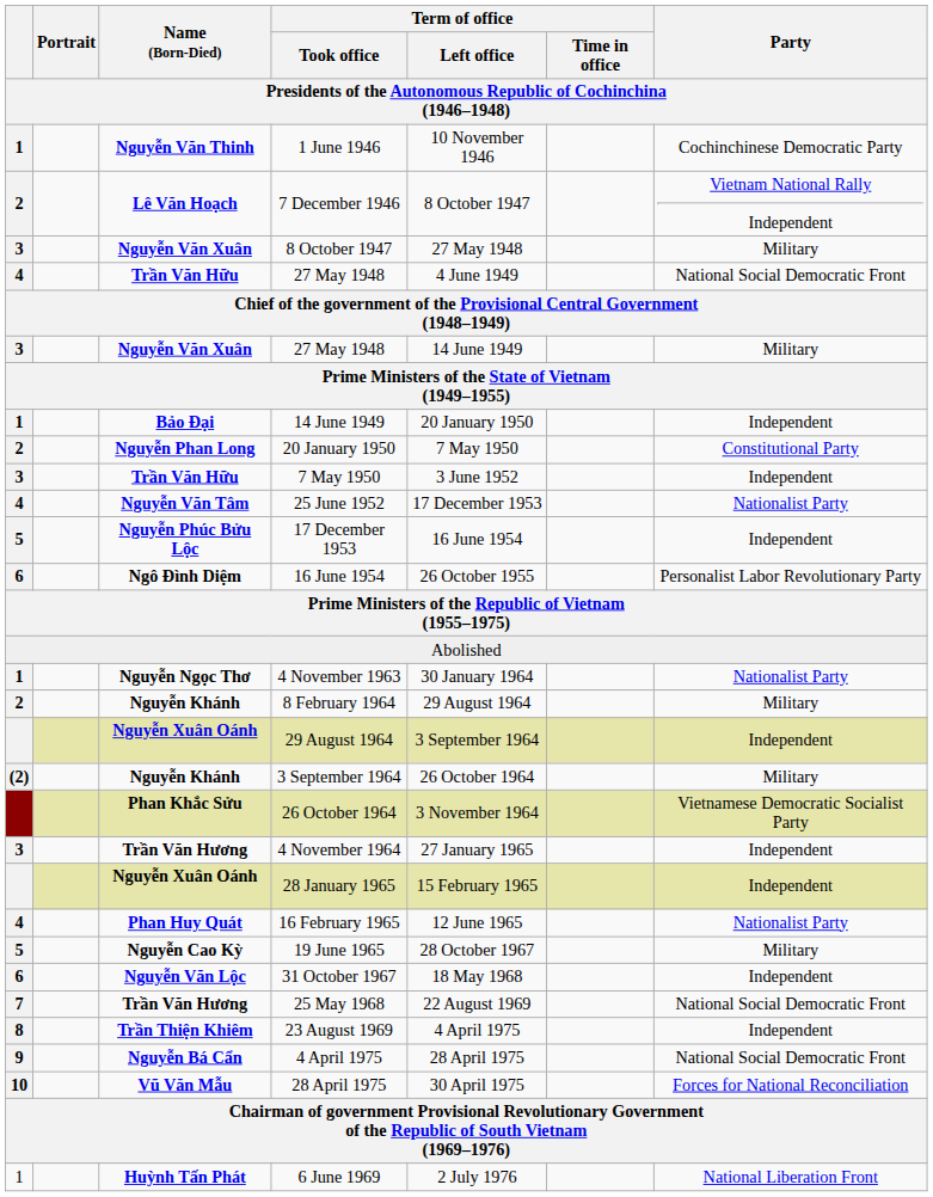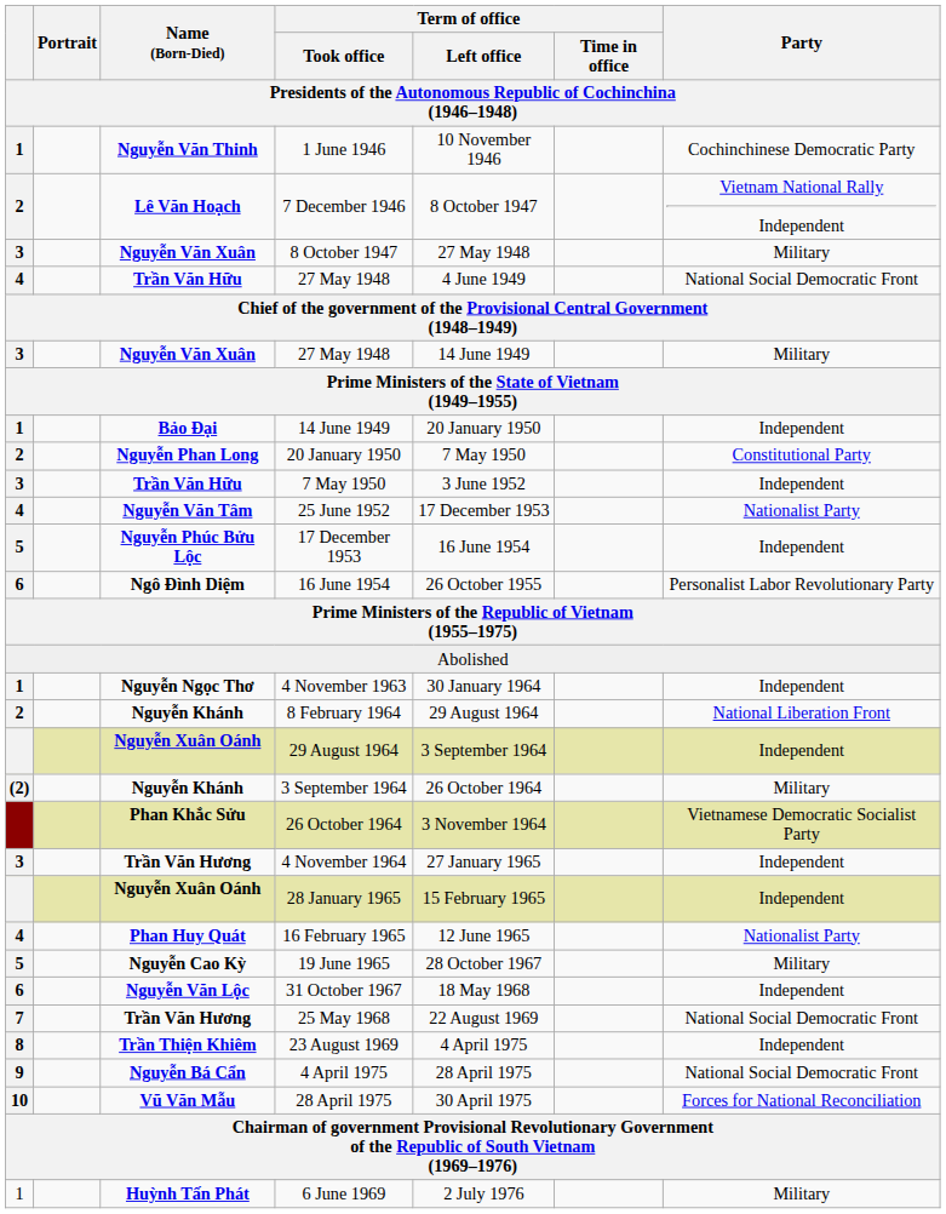 <table class="wikitable" style="text-align:center;">
 <tr>
 <th rowspan="2"></th>
 <th rowspan="2">Portrait</th>
 <th rowspan="2">Name<br><small>(Born-Died)</small></th>
 <th colspan="3">Term of office</th>
 <th rowspan="2">Party</th>
 </tr>
 <tr>
 <th>Took office</th>
 <th>Left office</th>
 <th>Time in office</th>
 </tr>
 <tr style="text-align:center;">
 <th colspan="7">Presidents of the <a href='#'>Autonomous Republic of Cochinchina</a><br>(1946–1948)</th>
 </tr>
 <tr style="text-align:center;">
 <th style="background: ">1</th>
 <td></td>
 <td><strong><a href='#'>Nguyễn Văn Thinh</a></strong><br></td>
 <td>1 June 1946</td>
 <td>10 November 1946</td>
 <td></td>
 <td>Cochinchinese Democratic Party</td>
 </tr>
 <tr style="text-align:center;">
 <th style="background: ">2</th>
 <td></td>
 <td><strong><a href='#'>Lê Văn Hoạch</a></strong><br></td>
 <td>7 December 1946</td>
 <td>8 October 1947</td>
 <td></td>
 <td><a href='#'>Vietnam National Rally</a><hr>Independent</td>
 </tr>
 <tr style="text-align:center;">
 <th style="background: ">3</th>
 <td></td>
 <td><strong><a href='#'>Nguyễn Văn Xuân</a></strong><br></td>
 <td>8 October 1947</td>
 <td>27 May 1948</td>
 <td></td>
 <td>Military</td>
 </tr>
 <tr style="text-align:center;">
 <th style="background: ">4</th>
 <td><br></td>
 <td><strong><a href='#'>Trần Văn Hữu</a></strong><br></td>
 <td>27 May 1948</td>
 <td>4 June 1949</td>
 <td></td>
 <td>National Social Democratic Front</td>
 </tr>
 <tr style="text-align:center;">
 <th colspan="7">Chief of the government of the <a href='#'>Provisional Central Government</a><br>(1948–1949)</th>
 </tr>
 <tr style="text-align:center;">
 <th style="background: ">3</th>
 <td></td>
 <td><strong><a href='#'>Nguyễn Văn Xuân</a></strong><br></td>
 <td>27 May 1948</td>
 <td>14 June 1949</td>
 <td></td>
 <td>Military</td>
 </tr>
 <tr style="text-align:center;">
 <th colspan="7">Prime Ministers of the <a href='#'>State of Vietnam</a><br>(1949–1955)</th>
 </tr>
 <tr style="text-align:center;">
 <th style="background: ">1</th>
 <td></td>
 <td><strong><a href='#'>Bảo Đại</a></strong><br></td>
 <td>14 June 1949</td>
 <td>20 January 1950</td>
 <td></td>
 <td>Independent</td>
 </tr>
 <tr style="text-align:center;">
 <th style="background: ">2</th>
 <td></td>
 <td><strong><a href='#'>Nguyễn Phan Long</a></strong><br></td>
 <td>20 January 1950</td>
 <td>7 May 1950</td>
 <td></td>
 <td><a href='#'>Constitutional Party</a></td>
 </tr>
 <tr style="text-align:center;">
 <th style="background: ">3</th>
 <td></td>
 <td><strong><a href='#'>Trần Văn Hữu</a></strong><br></td>
 <td>7 May 1950</td>
 <td>3 June 1952</td>
 <td></td>
 <td>Independent</td>
 </tr>
 <tr style="text-align:center;">
 <th style="background: ">4</th>
 <td></td>
 <td><strong><a href='#'>Nguyễn Văn Tâm</a></strong><br></td>
 <td>25 June 1952</td>
 <td>17 December 1953</td>
 <td></td>
 <td><a href='#'>Nationalist Party</a></td>
 </tr>
 <tr style="text-align:center;">
 <th style="background: ">5</th>
 <td></td>
 <td><strong><a href='#'>Nguyễn Phúc Bửu Lộc</a></strong><br></td>
 <td>17 December 1953</td>
 <td>16 June 1954</td>
 <td></td>
 <td>Independent</td>
 </tr>
 <tr style="text-align:center;">
 <th style="background: ">6</th>
 <td></td>
 <td><strong>Ngô Đình Diệm</strong><br></td>
 <td>16 June 1954</td>
 <td>26 October 1955</td>
 <td></td>
 <td>Personalist Labor Revolutionary Party</td>
 </tr>
 <tr style="text-align:center;">
 <th colspan="7">Prime Ministers of the <a href='#'>Republic of Vietnam</a><br>(1955–1975)</th>
 </tr>
 <tr style="background:#efefef;">
 <td colspan="7">Abolished<br></td>
 </tr>
 <tr style="text-align:center;">
 <th style="background: ">1</th>
 <td></td>
 <td><strong>Nguyễn Ngọc Thơ</strong><br></td>
 <td>4 November 1963</td>
 <td>30 January 1964</td>
 <td></td>
-<td><a href='#'>Nationalist Party</a></td>
+<td>Independent</td>
 </tr>
 <tr style="text-align:center;">
 <th style="background: ">2</th>
 <td></td>
 <td><strong>Nguyễn Khánh</strong><br></td>
 <td>8 February 1964</td>
 <td>29 August 1964</td>
 <td></td>
-<td>Military</td>
+<td><a href='#'>National Liberation Front</a></td>
 </tr>
 <tr style="text-align:center; background:#E6E6AA">
 <th style="background: "></th>
 <td></td>
 <td><strong><a href='#'>Nguyễn Xuân Oánh</a></strong><br><br></td>
 <td>29 August 1964</td>
 <td>3 September 1964</td>
 <td></td>
 <td>Independent</td>
 </tr>
 <tr style="text-align:center;">
 <th style="background: ">(2)</th>
 <td></td>
 <td><strong>Nguyễn Khánh</strong><br></td>
 <td>3 September 1964</td>
 <td>26 October 1964</td>
 <td></td>
 <td>Military</td>
 </tr>
 <tr style="text-align:center; background:#E6E6AA">
 <th style="background: darkred;"></th>
 <td></td>
 <td><strong>Phan Khắc Sửu</strong><br><br></td>
 <td>26 October 1964</td>
 <td>3 November 1964</td>
 <td></td>
 <td>Vietnamese Democratic Socialist Party</td>
 </tr>
 <tr style="text-align:center;">
 <th style="background: ">3</th>
 <td></td>
 <td><strong>Trần Văn Hương</strong><br></td>
 <td>4 November 1964</td>
 <td>27 January 1965</td>
 <td></td>
 <td>Independent</td>
 </tr>
 <tr style="text-align:center; background:#E6E6AA">
 <th style="background: "></th>
 <td></td>
 <td><strong>Nguyễn Xuân Oánh</strong><br><br></td>
 <td>28 January 1965</td>
 <td>15 February 1965</td>
 <td></td>
 <td>Independent</td>
 </tr>
 <tr style="text-align:center;">
 <th style="background: ">4</th>
 <td></td>
 <td><strong><a href='#'>Phan Huy Quát</a></strong><br></td>
 <td>16 February 1965</td>
 <td>12 June 1965</td>
 <td></td>
 <td><a href='#'>Nationalist Party</a></td>
 </tr>
 <tr style="text-align:center;">
 <th style="background: ">5</th>
 <td></td>
 <td><strong>Nguyễn Cao Kỳ</strong><br></td>
 <td>19 June 1965</td>
 <td>28 October 1967</td>
 <td></td>
 <td>Military</td>
 </tr>
 <tr style="text-align:center;">
 <th style="background: ">6</th>
 <td></td>
 <td><strong><a href='#'>Nguyễn Văn Lộc</a></strong><br></td>
 <td>31 October 1967</td>
 <td>18 May 1968</td>
 <td></td>
 <td>Independent</td>
 </tr>
 <tr style="text-align:center;">
 <th style="background: ">7</th>
 <td></td>
 <td><strong>Trần Văn Hương</strong><br></td>
 <td>25 May 1968</td>
 <td>22 August 1969</td>
 <td></td>
 <td>National Social Democratic Front</td>
 </tr>
 <tr style="text-align:center;">
 <th style="background: ">8</th>
 <td></td>
 <td><strong><a href='#'>Trần Thiện Khiêm</a></strong><br></td>
 <td>23 August 1969</td>
 <td>4 April 1975</td>
 <td></td>
 <td>Independent</td>
 </tr>
 <tr style="text-align:center;">
 <th style="background: ">9</th>
 <td></td>
 <td><strong><a href='#'>Nguyễn Bá Cẩn</a></strong><br></td>
 <td>4 April 1975</td>
 <td>28 April 1975</td>
 <td></td>
 <td>National Social Democratic Front</td>
 </tr>
 <tr style="text-align:center;">
 <th style="background: ">10</th>
 <td></td>
 <td><strong><a href='#'>Vũ Văn Mẫu</a></strong><br></td>
 <td>28 April 1975</td>
 <td>30 April 1975</td>
 <td></td>
 <td><a href='#'>Forces for National Reconciliation</a></td>
 </tr>
 <tr>
 <th colspan="7">Chairman of government Provisional Revolutionary Government<br>of the <a href='#'>Republic of South Vietnam</a><br>(1969–1976)</th>
 </tr>
 <tr>
 <td align="center" style="background: ">1</td>
 <td></td>
 <td><strong><a href='#'>Huỳnh Tấn Phát</a></strong><br></td>
 <td>6 June 1969</td>
 <td>2 July 1976</td>
 <td></td>
-<td><a href='#'>National Liberation Front</a></td>
+<td>Military</td>
 </tr>
 </table>
